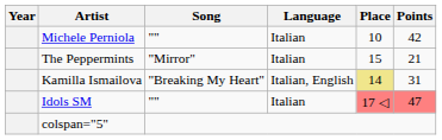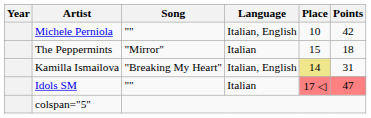 <table class="wikitable sortable plainrowheaders">
 <tr>
 <th scope="col">Year</th>
 <th scope="col">Artist</th>
 <th scope="col">Song</th>
 <th scope="col">Language</th>
 <th scope="col" data-sort-type="number">Place</th>
 <th scope="col" data-sort-type="number">Points</th>
 </tr>
 <tr>
 <th scope="row" style="text-align:center;"></th>
 <td><a href='#'>Michele Perniola</a></td>
 <td>""</td>
-<td>Italian</td>
+<td>Italian, English</td>
 <td style="text-align:center;">10</td>
 <td style="text-align:center;">42</td>
 </tr>
 <tr>
 <th scope="row" style="text-align:center;"></th>
 <td>The Peppermints</td>
 <td>"Mirror"</td>
 <td>Italian</td>
 <td style="text-align:center;">15</td>
-<td style="text-align:center;">21</td>
+<td style="text-align:center;">18</td>
 </tr>
 <tr>
 <th scope="row" style="text-align:center;"></th>
 <td>Kamilla Ismailova</td>
 <td>"Breaking My Heart"</td>
 <td>Italian, English</td>
 <td style="background: khaki; text-align:center;">14</td>
 <td style="text-align:center;">31</td>
 </tr>
 <tr>
 <th scope="row" style="text-align:center;"></th>
 <td><a href='#'>Idols SM</a></td>
 <td>""</td>
 <td>Italian</td>
 <td style="text-align:center; background-color:#FE8080;">17 ◁</td>
 <td style="text-align:center; background-color:#FE8080;">47</td>
 </tr>
 <tr>
 <th scope="row" style="text-align:center;"></th>
 <td>colspan="5" </td>
 </tr>
 </table>
